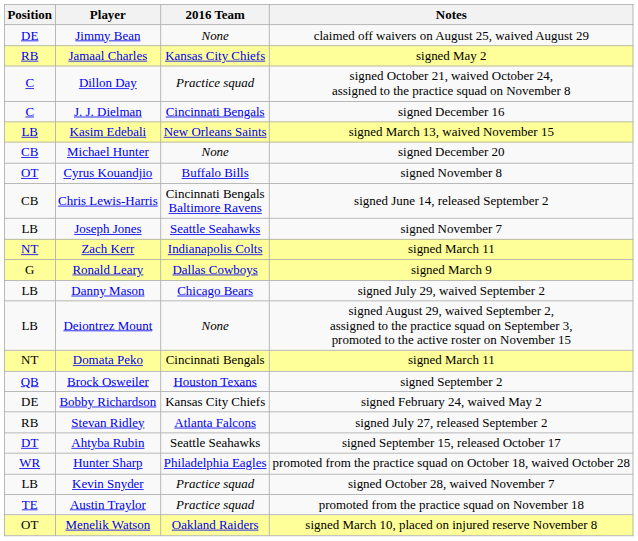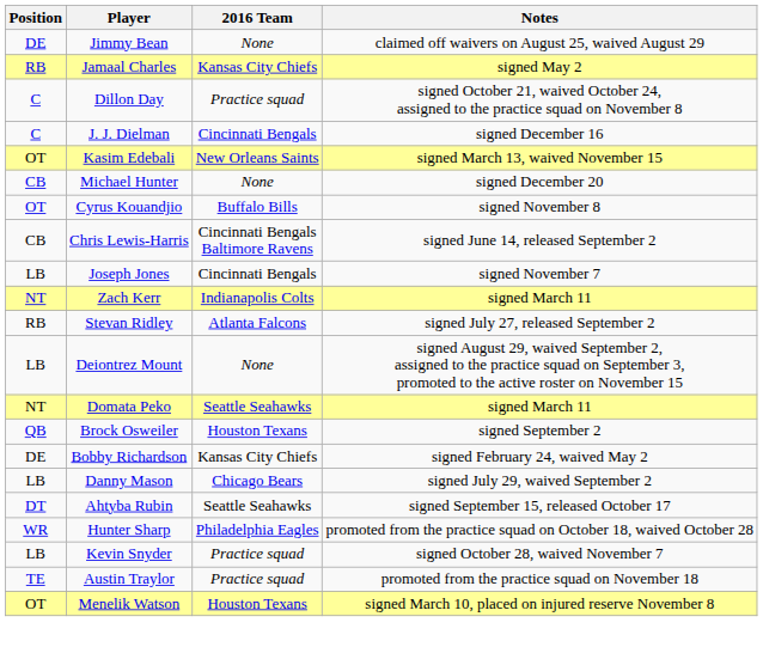 <table class="wikitable" style="text-align:center">
 <tr>
 <th>Position</th>
 <th>Player</th>
 <th>2016 Team</th>
 <th>Notes</th>
 </tr>
 <tr>
 <td><a href='#'>DE</a></td>
 <td><a href='#'>Jimmy Bean</a></td>
 <td><em>None</em></td>
 <td>claimed off waivers on August 25, waived August 29</td>
 </tr>
 <tr style="background:#ff9">
 <td><a href='#'>RB</a></td>
 <td><a href='#'>Jamaal Charles</a></td>
 <td><a href='#'>Kansas City Chiefs</a></td>
 <td>signed May 2</td>
 </tr>
 <tr>
 <td><a href='#'>C</a></td>
 <td><a href='#'>Dillon Day</a></td>
 <td><em>Practice squad</em></td>
 <td>signed October 21, waived October 24,<br>assigned to the practice squad on November 8</td>
 </tr>
 <tr>
 <td><a href='#'>C</a></td>
 <td><a href='#'>J. J. Dielman</a></td>
 <td><a href='#'>Cincinnati Bengals</a></td>
 <td>signed December 16</td>
 </tr>
 <tr style="background:#ff9">
-<td><a href='#'>LB</a></td>
+<td>OT</td>
 <td><a href='#'>Kasim Edebali</a></td>
 <td><a href='#'>New Orleans Saints</a></td>
 <td>signed March 13, waived November 15</td>
 </tr>
 <tr>
 <td><a href='#'>CB</a></td>
 <td><a href='#'>Michael Hunter</a></td>
 <td><em>None</em></td>
 <td>signed December 20</td>
 </tr>
 <tr>
 <td><a href='#'>OT</a></td>
 <td><a href='#'>Cyrus Kouandjio</a></td>
 <td><a href='#'>Buffalo Bills</a></td>
 <td>signed November 8</td>
 </tr>
 <tr>
 <td>CB</td>
 <td><a href='#'>Chris Lewis-Harris</a></td>
 <td>Cincinnati Bengals<br><a href='#'>Baltimore Ravens</a></td>
 <td>signed June 14, released September 2</td>
 </tr>
 <tr>
 <td>LB</td>
 <td><a href='#'>Joseph Jones</a></td>
-<td><a href='#'>Seattle Seahawks</a></td>
+<td>Cincinnati Bengals</td>
 <td>signed November 7</td>
 </tr>
 <tr style="background:#ff9">
 <td><a href='#'>NT</a></td>
 <td><a href='#'>Zach Kerr</a></td>
 <td><a href='#'>Indianapolis Colts</a></td>
 <td>signed March 11</td>
 </tr>
-<tr style="background:#ff9">
-<td>G</td>
-<td><a href='#'>Ronald Leary</a></td>
-<td><a href='#'>Dallas Cowboys</a></td>
-<td>signed March 9</td>
-</tr>
 <tr>
-<td>LB</td>
-<td><a href='#'>Danny Mason</a></td>
-<td><a href='#'>Chicago Bears</a></td>
-<td>signed July 29, waived September 2</td>
+<td>RB</td>
+<td><a href='#'>Stevan Ridley</a></td>
+<td><a href='#'>Atlanta Falcons</a></td>
+<td>signed July 27, released September 2</td>
 </tr>
 <tr>
 <td>LB</td>
 <td><a href='#'>Deiontrez Mount</a></td>
 <td><em>None</em></td>
 <td>signed August 29, waived September 2,<br>assigned to the practice squad on September 3,<br>promoted to the active roster on November 15</td>
 </tr>
 <tr style="background:#ff9">
 <td>NT</td>
 <td><a href='#'>Domata Peko</a></td>
-<td>Cincinnati Bengals</td>
+<td><a href='#'>Seattle Seahawks</a></td>
 <td>signed March 11</td>
 </tr>
 <tr>
 <td><a href='#'>QB</a></td>
 <td><a href='#'>Brock Osweiler</a></td>
 <td><a href='#'>Houston Texans</a></td>
 <td>signed September 2</td>
 </tr>
 <tr>
 <td>DE</td>
 <td><a href='#'>Bobby Richardson</a></td>
 <td>Kansas City Chiefs</td>
 <td>signed February 24, waived May 2</td>
 </tr>
 <tr>
-<td>RB</td>
-<td><a href='#'>Stevan Ridley</a></td>
-<td><a href='#'>Atlanta Falcons</a></td>
-<td>signed July 27, released September 2</td>
+<td>LB</td>
+<td><a href='#'>Danny Mason</a></td>
+<td><a href='#'>Chicago Bears</a></td>
+<td>signed July 29, waived September 2</td>
 </tr>
 <tr>
 <td><a href='#'>DT</a></td>
 <td><a href='#'>Ahtyba Rubin</a></td>
 <td>Seattle Seahawks</td>
 <td>signed September 15, released October 17</td>
 </tr>
 <tr>
 <td><a href='#'>WR</a></td>
 <td><a href='#'>Hunter Sharp</a></td>
 <td><a href='#'>Philadelphia Eagles</a></td>
 <td>promoted from the practice squad on October 18, waived October 28</td>
 </tr>
 <tr>
 <td>LB</td>
 <td><a href='#'>Kevin Snyder</a></td>
 <td><em>Practice squad</em></td>
 <td>signed October 28, waived November 7</td>
 </tr>
 <tr>
 <td><a href='#'>TE</a></td>
 <td><a href='#'>Austin Traylor</a></td>
 <td><em>Practice squad</em></td>
 <td>promoted from the practice squad on November 18</td>
 </tr>
 <tr style="background:#ff9">
 <td>OT</td>
 <td><a href='#'>Menelik Watson</a></td>
-<td><a href='#'>Oakland Raiders</a></td>
+<td><a href='#'>Houston Texans</a></td>
 <td>signed March 10, placed on injured reserve November 8</td>
 </tr>
 </table>
